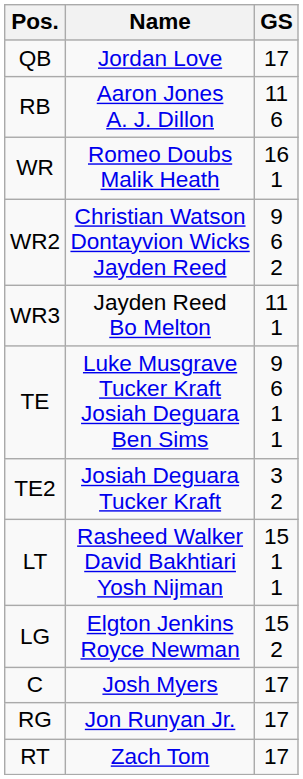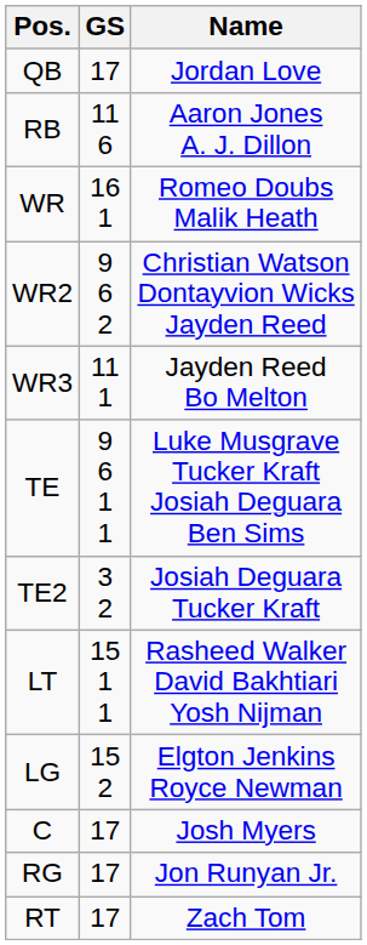 <table class="wikitable" style="text-align:center">
 <tr>
 <th>Pos.</th>
+<th>GS</th>
 <th>Name</th>
-<th>GS</th>
 </tr>
 <tr>
 <td>QB</td>
+<td>17</td>
 <td><a href='#'>Jordan Love</a></td>
-<td>17</td>
 </tr>
 <tr>
 <td>RB</td>
+<td>11<br>6</td>
 <td><a href='#'>Aaron Jones</a><br><a href='#'>A. J. Dillon</a></td>
-<td>11<br>6</td>
 </tr>
 <tr>
 <td>WR</td>
+<td>16<br>1</td>
 <td><a href='#'>Romeo Doubs</a><br><a href='#'>Malik Heath</a></td>
-<td>16<br>1</td>
 </tr>
 <tr>
 <td>WR2</td>
+<td>9<br>6<br>2</td>
 <td><a href='#'>Christian Watson</a><br><a href='#'>Dontayvion Wicks</a><br><a href='#'>Jayden Reed</a></td>
-<td>9<br>6<br>2</td>
 </tr>
 <tr>
 <td>WR3</td>
+<td>11<br>1</td>
 <td>Jayden Reed<br><a href='#'>Bo Melton</a></td>
-<td>11<br>1</td>
 </tr>
 <tr>
 <td>TE</td>
+<td>9<br>6<br>1<br>1</td>
 <td><a href='#'>Luke Musgrave</a><br><a href='#'>Tucker Kraft</a><br><a href='#'>Josiah Deguara</a><br><a href='#'>Ben Sims</a></td>
-<td>9<br>6<br>1<br>1</td>
 </tr>
 <tr>
 <td>TE2</td>
+<td>3<br>2</td>
 <td><a href='#'>Josiah Deguara</a><br><a href='#'>Tucker Kraft</a></td>
-<td>3<br>2</td>
 </tr>
 <tr>
 <td>LT</td>
+<td>15<br>1<br>1</td>
 <td><a href='#'>Rasheed Walker</a><br><a href='#'>David Bakhtiari</a><br><a href='#'>Yosh Nijman</a></td>
-<td>15<br>1<br>1</td>
 </tr>
 <tr>
 <td>LG</td>
+<td>15<br>2</td>
 <td><a href='#'>Elgton Jenkins</a><br><a href='#'>Royce Newman</a></td>
-<td>15<br>2</td>
 </tr>
 <tr>
 <td>C</td>
+<td>17</td>
 <td><a href='#'>Josh Myers</a></td>
-<td>17</td>
 </tr>
 <tr>
 <td>RG</td>
+<td>17</td>
 <td><a href='#'>Jon Runyan Jr.</a></td>
-<td>17</td>
 </tr>
 <tr>
 <td>RT</td>
+<td>17</td>
 <td><a href='#'>Zach Tom</a></td>
-<td>17</td>
 </tr>
 </table>
